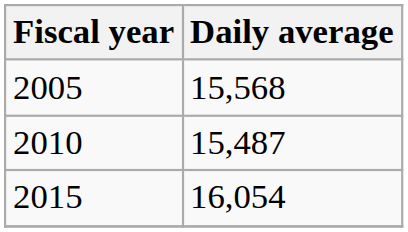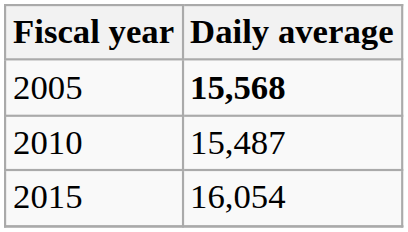 <table class="wikitable">
 <tr>
 <th>Fiscal year</th>
 <th>Daily average</th>
 </tr>
 <tr>
 <td>2005</td>
-<td>15,568</td>
+<td><strong>15,568</strong></td>
 </tr>
 <tr>
 <td>2010</td>
 <td>15,487</td>
 </tr>
 <tr>
 <td>2015</td>
 <td>16,054</td>
 </tr>
 <tr>
 </tr>
 </table>
